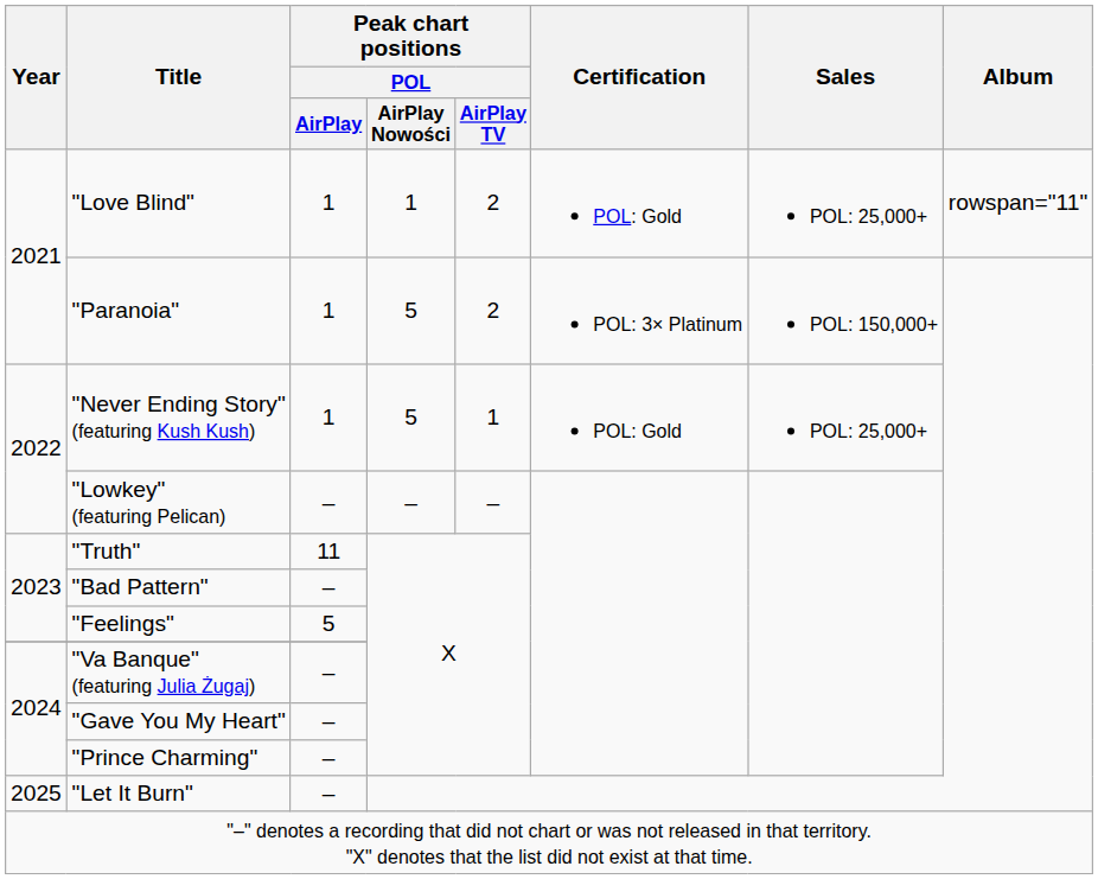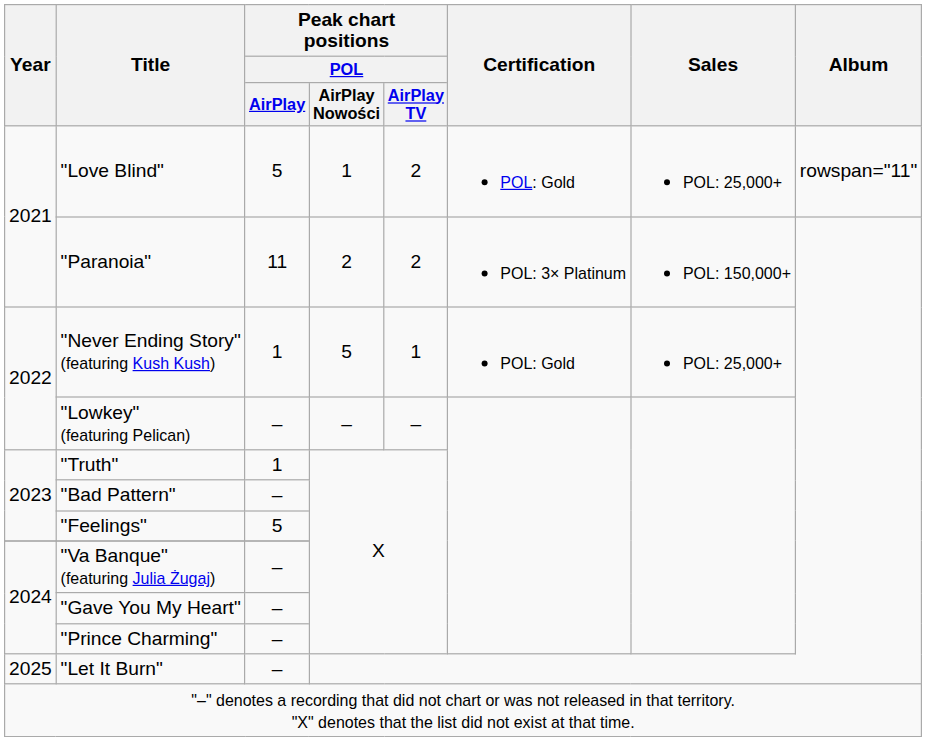 <table class="wikitable" style="text-align:center;">
 <tr>
 <th rowspan="3">Year</th>
 <th rowspan="3">Title</th>
 <th colspan="3">Peak chart<br>positions</th>
 <th rowspan="3">Certification</th>
 <th rowspan="3">Sales</th>
 <th rowspan="3">Album</th>
 </tr>
 <tr>
 <th colspan="3" style="width:3em; font-size:85%;"><a href='#'>POL</a></th>
 </tr>
 <tr>
 <th style="width:3em; font-size:85%;"><a href='#'>AirPlay</a><br></th>
 <th style="width:3em; font-size:85%;">AirPlay<br>Nowości<br></th>
 <th style="width:3em; font-size:85%;"><a href='#'>AirPlay<br>TV</a><br></th>
 </tr>
 <tr>
 <td rowspan="2">2021</td>
 <td align="left">"Love Blind"</td>
-<td>1</td>
+<td>5</td>
 <td>1</td>
 <td>2</td>
 <td align="left"><br><ul><li><small><a href='#'>POL</a>: Gold</small></li></ul></td>
 <td align="left"><br><ul><li><small>POL: 25,000+</small></li></ul></td>
 <td>rowspan="11" </td>
 </tr>
 <tr>
 <td align="left">"Paranoia"</td>
-<td>1</td>
-<td>5</td>
+<td>11</td>
+<td>2</td>
 <td>2</td>
 <td align="left"><br><ul><li><small>POL: 3× Platinum</small></li></ul></td>
 <td align="left"><br><ul><li><small>POL: 150,000+</small></li></ul></td>
 </tr>
 <tr>
 <td rowspan="2">2022</td>
 <td align="left">"Never Ending Story"<br><small>(featuring <a href='#'>Kush Kush</a>)</small></td>
 <td>1</td>
 <td>5</td>
 <td>1</td>
 <td align="left"><br><ul><li><small>POL: Gold</small></li></ul></td>
 <td align="left"><br><ul><li><small>POL: 25,000+</small></li></ul></td>
 </tr>
 <tr>
 <td align="left">"Lowkey"<br><small>(featuring Pelican)</small></td>
 <td>–</td>
 <td>–</td>
 <td>–</td>
 <td rowspan="8"></td>
 <td rowspan="8"></td>
 </tr>
 <tr>
 <td rowspan="3">2023</td>
 <td align="left">"Truth"</td>
-<td>11</td>
+<td>1</td>
 <td colspan="2" rowspan="7">X</td>
 </tr>
 <tr>
 <td align="left">"Bad Pattern"</td>
 <td>–</td>
 </tr>
 <tr>
 <td align="left">"Feelings"</td>
 <td>5</td>
 </tr>
 <tr>
 </tr>
 <tr>
 <td rowspan="3">2024</td>
 <td align="left">"Va Banque"<br><small>(featuring <a href='#'>Julia Żugaj</a>)</small></td>
 <td>–</td>
 </tr>
 <tr>
 <td align="left">"Gave You My Heart"</td>
 <td>–</td>
 </tr>
 <tr>
 <td align="left">"Prince Charming"</td>
 <td>–</td>
 </tr>
 <tr>
 <td>2025</td>
 <td align="left">"Let It Burn"</td>
 <td>–</td>
 </tr>
 <tr>
 <td colspan="29"><small>"–" denotes a recording that did not chart or was not released in that territory.<br>"X" denotes that the list did not exist at that time.</small></td>
 </tr>
 </table>
